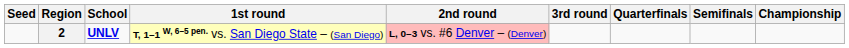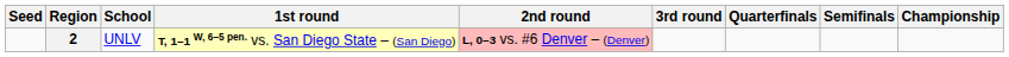 <table class="sortable wikitable" style="white-space:nowrap; font-size:90%;">
 <tr>
 <th>Seed</th>
 <th>Region</th>
 <th>School</th>
 <th>1st round</th>
 <th>2nd round</th>
 <th>3rd round</th>
 <th>Quarterfinals</th>
 <th>Semifinals</th>
 <th>Championship</th>
 </tr>
 <tr>
 <td></td>
 <th>2</th>
-<td><strong><a href='#'>UNLV</a></strong></td>
+<td><a href='#'>UNLV</a></td>
 <td style="background:#FFB;"><small><strong>T, 1–1 <sup>W, 6–5 pen.</sup></strong></small> vs. <a href='#'>San Diego State</a> – <small>(<a href='#'>San Diego</a>)</small></td>
 <td style="background:#FBB;"><small><strong>L, 0–3</strong></small> vs. #6 <a href='#'>Denver</a> – <small>(<a href='#'>Denver</a>)</small></td>
 <td></td>
 <td></td>
 <td></td>
 </tr>
 </table>
